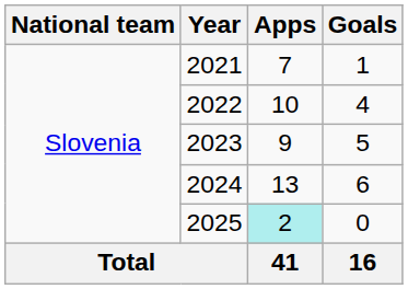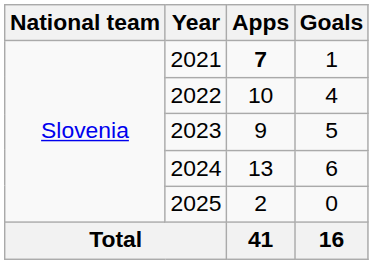 <table class="wikitable" style="text-align:center">
 <tr>
 <th>National team</th>
 <th>Year</th>
 <th>Apps</th>
 <th>Goals</th>
 </tr>
 <tr>
 <td rowspan=5><a href='#'>Slovenia</a></td>
 <td>2021</td>
-<td>7</td>
+<td><strong>7</strong></td>
 <td>1</td>
 </tr>
 <tr>
 <td>2022</td>
 <td>10</td>
 <td>4</td>
 </tr>
 <tr>
 <td>2023</td>
 <td>9</td>
 <td>5</td>
 </tr>
 <tr>
 <td>2024</td>
 <td>13</td>
 <td>6</td>
 </tr>
 <tr>
 <td>2025</td>
-<td style="background: paleturquoise;">2</td>
+<td>2</td>
 <td>0</td>
 </tr>
 <tr>
 <th colspan=2>Total</th>
 <th>41</th>
 <th>16</th>
 </tr>
 </table>
